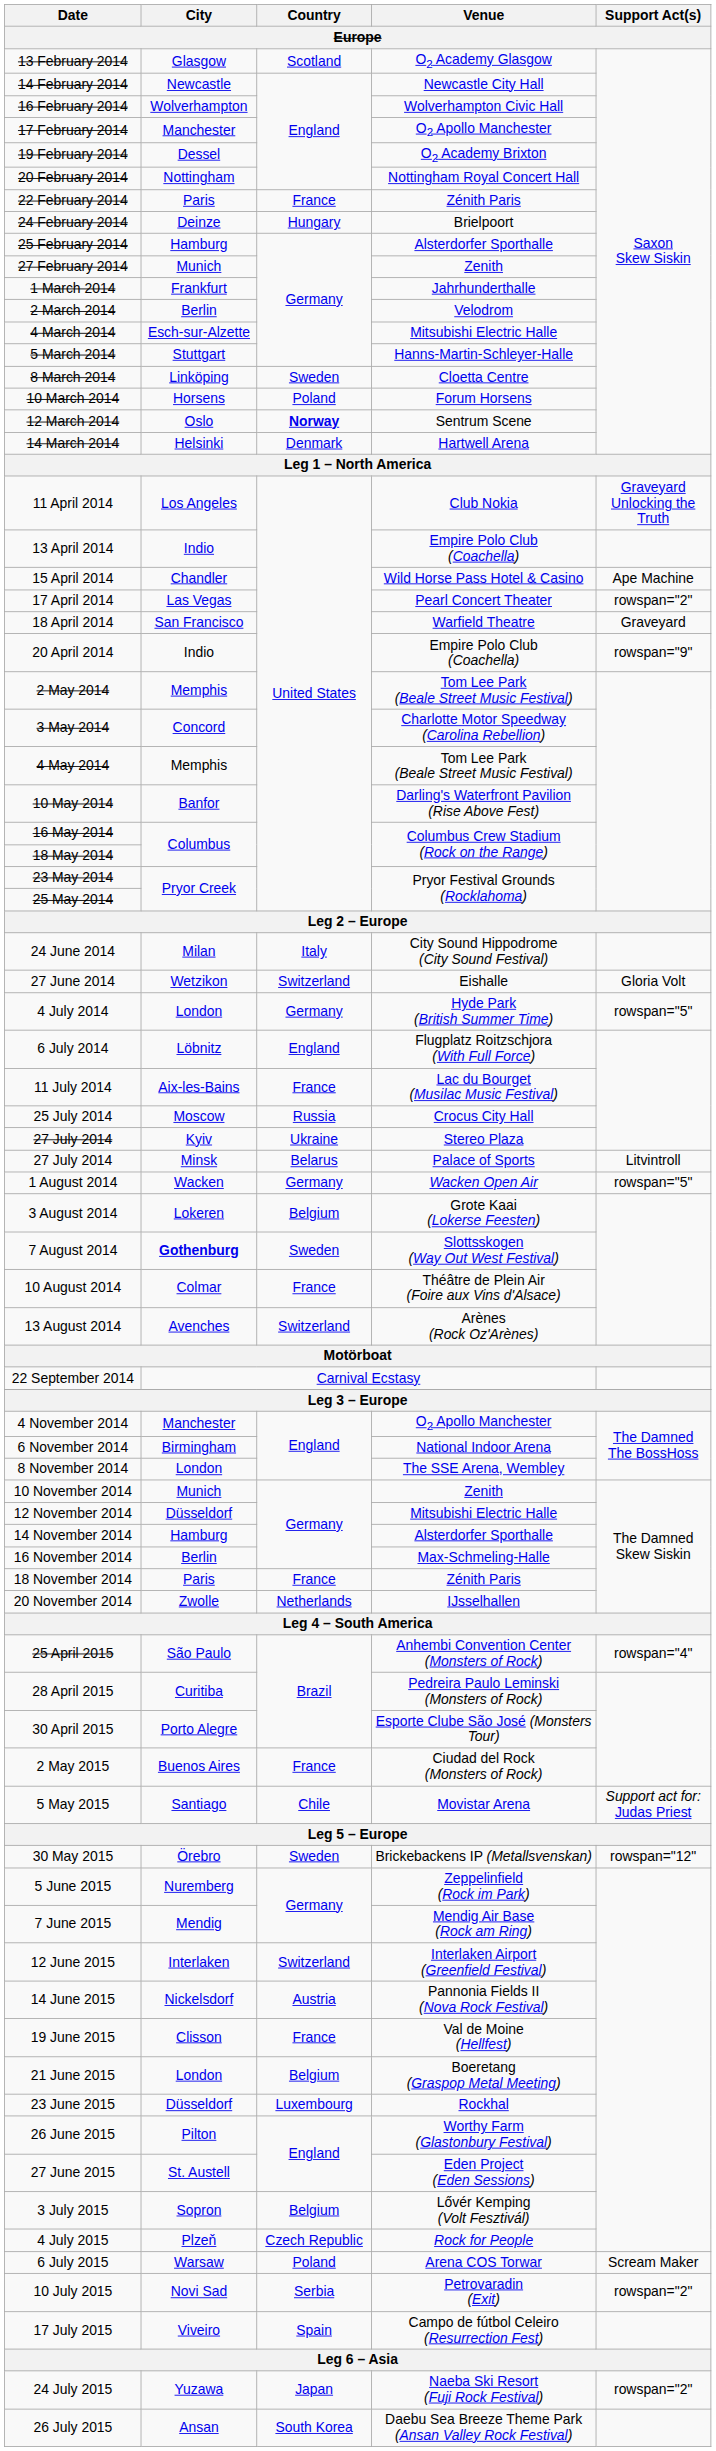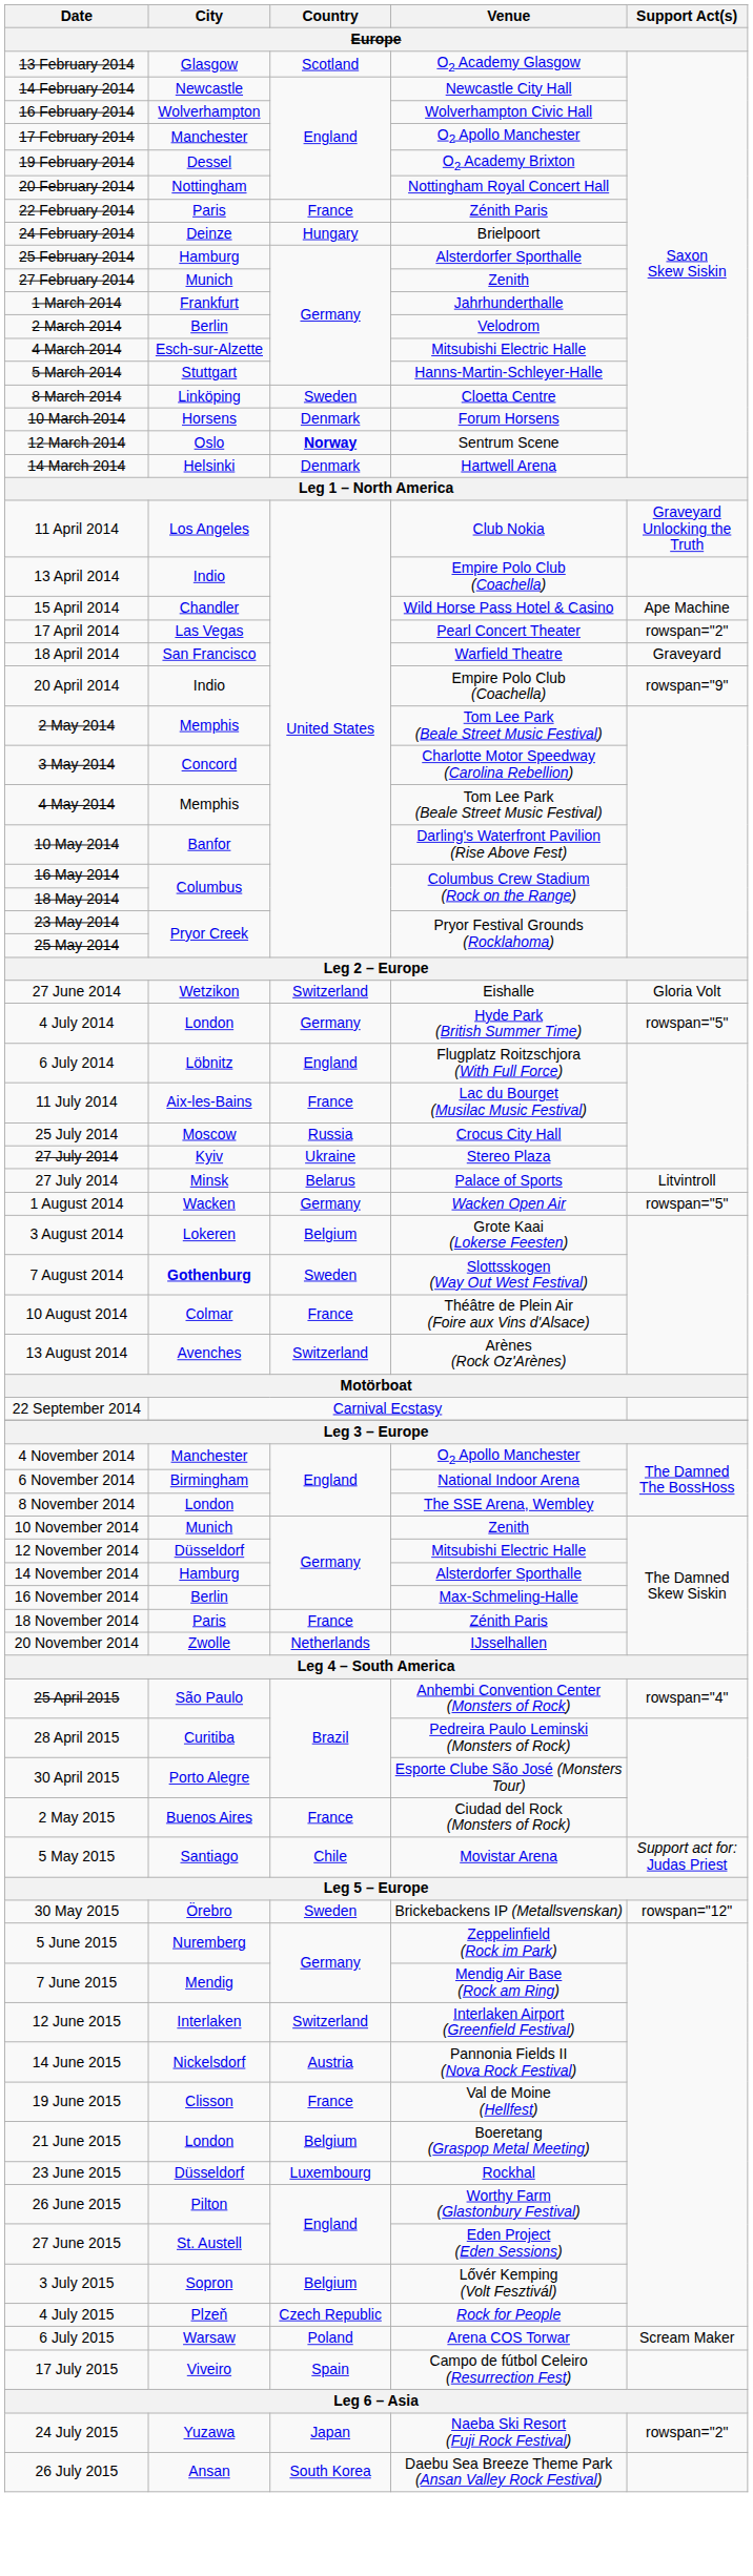 <table class="wikitable" style="text-align:center;">
 <tr>
 <th width="150">Date</th>
 <th width="125">City</th>
 <th width="125">Country</th>
 <th width="250">Venue</th>
 <th width="125">Support Act(s)</th>
 </tr>
 <tr>
 <th colspan="5"><s>Europe</s></th>
 </tr>
 <tr>
 <td><s>13 February 2014</s></td>
 <td><a href='#'>Glasgow</a></td>
 <td><a href='#'>Scotland</a></td>
 <td><a href='#'>O<sub>2</sub> Academy Glasgow</a></td>
 <td rowspan="18"><a href='#'>Saxon</a><br><a href='#'>Skew Siskin</a></td>
 </tr>
 <tr>
 <td><s>14 February 2014</s></td>
 <td><a href='#'>Newcastle</a></td>
 <td rowspan="5"><a href='#'>England</a></td>
 <td><a href='#'>Newcastle City Hall</a></td>
 </tr>
 <tr>
 <td><s>16 February 2014</s></td>
 <td><a href='#'>Wolverhampton</a></td>
 <td><a href='#'>Wolverhampton Civic Hall</a></td>
 </tr>
 <tr>
 <td><s>17 February 2014</s></td>
 <td><a href='#'>Manchester</a></td>
 <td><a href='#'>O<sub>2</sub> Apollo Manchester</a></td>
 </tr>
 <tr>
 <td><s>19 February 2014</s></td>
 <td><a href='#'>Dessel</a></td>
 <td><a href='#'>O<sub>2</sub> Academy Brixton</a></td>
 </tr>
 <tr>
 <td><s>20 February 2014</s></td>
 <td><a href='#'>Nottingham</a></td>
 <td><a href='#'>Nottingham Royal Concert Hall</a></td>
 </tr>
 <tr>
 <td><s>22 February 2014</s></td>
 <td><a href='#'>Paris</a></td>
 <td><a href='#'>France</a></td>
 <td><a href='#'>Zénith Paris</a></td>
 </tr>
 <tr>
 <td><s>24 February 2014</s></td>
 <td><a href='#'>Deinze</a></td>
 <td><a href='#'>Hungary</a></td>
 <td>Brielpoort</td>
 </tr>
 <tr>
 <td><s>25 February 2014</s></td>
 <td><a href='#'>Hamburg</a></td>
 <td rowspan="6"><a href='#'>Germany</a></td>
 <td><a href='#'>Alsterdorfer Sporthalle</a></td>
 </tr>
 <tr>
 <td><s>27 February 2014</s></td>
 <td><a href='#'>Munich</a></td>
 <td><a href='#'>Zenith</a></td>
 </tr>
 <tr>
 <td><s>1 March 2014</s></td>
 <td><a href='#'>Frankfurt</a></td>
 <td><a href='#'>Jahrhunderthalle</a></td>
 </tr>
 <tr>
 <td><s>2 March 2014</s></td>
 <td><a href='#'>Berlin</a></td>
 <td><a href='#'>Velodrom</a></td>
 </tr>
 <tr>
 <td><s>4 March 2014</s></td>
 <td><a href='#'>Esch-sur-Alzette</a></td>
 <td><a href='#'>Mitsubishi Electric Halle</a></td>
 </tr>
 <tr>
 <td><s>5 March 2014</s></td>
 <td><a href='#'>Stuttgart</a></td>
 <td><a href='#'>Hanns-Martin-Schleyer-Halle</a></td>
 </tr>
 <tr>
 <td><s>8 March 2014</s></td>
 <td><a href='#'>Linköping</a></td>
 <td><a href='#'>Sweden</a></td>
 <td><a href='#'>Cloetta Centre</a></td>
 </tr>
 <tr>
 <td><s>10 March 2014</s></td>
 <td><a href='#'>Horsens</a></td>
-<td><a href='#'>Poland</a></td>
+<td><a href='#'>Denmark</a></td>
 <td><a href='#'>Forum Horsens</a></td>
 </tr>
 <tr>
 <td><s>12 March 2014</s></td>
 <td><a href='#'>Oslo</a></td>
 <td><strong><a href='#'>Norway</a></strong></td>
 <td>Sentrum Scene</td>
 </tr>
 <tr>
 <td><s>14 March 2014</s></td>
 <td><a href='#'>Helsinki</a></td>
 <td><a href='#'>Denmark</a></td>
 <td><a href='#'>Hartwell Arena</a></td>
 </tr>
 <tr>
 <th colspan="5">Leg 1 – North America</th>
 </tr>
 <tr>
 <td>11 April 2014</td>
 <td><a href='#'>Los Angeles</a></td>
 <td rowspan="14"><a href='#'>United States</a></td>
 <td><a href='#'>Club Nokia</a></td>
 <td><a href='#'>Graveyard</a><br><a href='#'>Unlocking the Truth</a></td>
 </tr>
 <tr>
 <td>13 April 2014</td>
 <td><a href='#'>Indio</a></td>
 <td><a href='#'>Empire Polo Club</a><br><em>(<a href='#'>Coachella</a>)</em></td>
 <td></td>
 </tr>
 <tr>
 <td>15 April 2014</td>
 <td><a href='#'>Chandler</a></td>
 <td><a href='#'>Wild Horse Pass Hotel & Casino</a></td>
 <td>Ape Machine</td>
 </tr>
 <tr>
 <td>17 April 2014</td>
 <td><a href='#'>Las Vegas</a></td>
 <td><a href='#'>Pearl Concert Theater</a></td>
 <td>rowspan="2" </td>
 </tr>
 <tr>
 <td>18 April 2014</td>
 <td><a href='#'>San Francisco</a></td>
 <td><a href='#'>Warfield Theatre</a></td>
 <td>Graveyard</td>
 </tr>
 <tr>
 <td>20 April 2014</td>
 <td>Indio</td>
 <td>Empire Polo Club<br><em>(Coachella)</em></td>
 <td>rowspan="9" </td>
 </tr>
 <tr>
 <td><s>2 May 2014</s></td>
 <td><a href='#'>Memphis</a></td>
 <td><a href='#'>Tom Lee Park</a><br><em>(<a href='#'>Beale Street Music Festival</a>)</em></td>
 </tr>
 <tr>
 <td><s>3 May 2014</s></td>
 <td><a href='#'>Concord</a></td>
 <td><a href='#'>Charlotte Motor Speedway</a><br><em>(<a href='#'>Carolina Rebellion</a>)</em></td>
 </tr>
 <tr>
 <td><s>4 May 2014</s></td>
 <td>Memphis</td>
 <td>Tom Lee Park<br><em>(Beale Street Music Festival)</em></td>
 </tr>
 <tr>
 <td><s>10 May 2014</s></td>
 <td><a href='#'>Banfor</a></td>
 <td><a href='#'>Darling's Waterfront Pavilion</a><br><em>(Rise Above Fest)</em></td>
 </tr>
 <tr>
 <td><s>16 May 2014</s></td>
 <td rowspan="2"><a href='#'>Columbus</a></td>
 <td rowspan="2"><a href='#'>Columbus Crew Stadium</a><br><em>(<a href='#'>Rock on the Range</a>)</em></td>
 </tr>
 <tr>
 <td><s>18 May 2014</s></td>
 </tr>
 <tr>
 <td><s>23 May 2014</s></td>
 <td rowspan="2"><a href='#'>Pryor Creek</a></td>
 <td rowspan="2">Pryor Festival Grounds <em>(<a href='#'>Rocklahoma</a>)</em></td>
 </tr>
 <tr>
 <td><s>25 May 2014</s></td>
 </tr>
 <tr>
 <th colspan="5">Leg 2 – Europe</th>
-</tr>
-<tr>
-<td>24 June 2014</td>
-<td><a href='#'>Milan</a></td>
-<td><a href='#'>Italy</a></td>
-<td>City Sound Hippodrome<br><em>(City Sound Festival)</em></td>
-<td></td>
 </tr>
 <tr>
 <td>27 June 2014</td>
 <td><a href='#'>Wetzikon</a></td>
 <td><a href='#'>Switzerland</a></td>
 <td>Eishalle</td>
 <td>Gloria Volt</td>
 </tr>
 <tr>
 <td>4 July 2014</td>
 <td><a href='#'>London</a></td>
 <td><a href='#'>Germany</a></td>
 <td><a href='#'>Hyde Park</a><br><em>(<a href='#'>British Summer Time</a>)</em></td>
 <td>rowspan="5" </td>
 </tr>
 <tr>
 <td>6 July 2014</td>
 <td><a href='#'>Löbnitz</a></td>
 <td><a href='#'>England</a></td>
 <td>Flugplatz Roitzschjora<br><em>(<a href='#'>With Full Force</a>)</em></td>
 </tr>
 <tr>
 <td>11 July 2014</td>
 <td><a href='#'>Aix-les-Bains</a></td>
 <td><a href='#'>France</a></td>
 <td><a href='#'>Lac du Bourget</a><br><em>(<a href='#'>Musilac Music Festival</a>)</em></td>
 </tr>
 <tr>
 <td>25 July 2014</td>
 <td><a href='#'>Moscow</a></td>
 <td><a href='#'>Russia</a></td>
 <td><a href='#'>Crocus City Hall</a></td>
 </tr>
 <tr>
 <td><s>27 July 2014</s></td>
 <td><a href='#'>Kyiv</a></td>
 <td><a href='#'>Ukraine</a></td>
 <td><a href='#'>Stereo Plaza</a></td>
 </tr>
 <tr>
 <td>27 July 2014</td>
 <td><a href='#'>Minsk</a></td>
 <td><a href='#'>Belarus</a></td>
 <td><a href='#'>Palace of Sports</a></td>
 <td>Litvintroll</td>
 </tr>
 <tr>
 <td>1 August 2014</td>
 <td><a href='#'>Wacken</a></td>
 <td><a href='#'>Germany</a></td>
 <td><em><a href='#'>Wacken Open Air</a></em></td>
 <td>rowspan="5" </td>
 </tr>
 <tr>
 <td>3 August 2014</td>
 <td><a href='#'>Lokeren</a></td>
 <td><a href='#'>Belgium</a></td>
 <td>Grote Kaai<br><em>(<a href='#'>Lokerse Feesten</a>)</em></td>
 </tr>
 <tr>
 <td>7 August 2014</td>
 <td><strong><a href='#'>Gothenburg</a></strong></td>
 <td><a href='#'>Sweden</a></td>
 <td><a href='#'>Slottsskogen</a><br><em>(<a href='#'>Way Out West Festival</a>)</em></td>
 </tr>
 <tr>
 <td>10 August 2014</td>
 <td><a href='#'>Colmar</a></td>
 <td><a href='#'>France</a></td>
 <td>Théâtre de Plein Air<br><em>(Foire aux Vins d'Alsace)</em></td>
 </tr>
 <tr>
 <td>13 August 2014</td>
 <td><a href='#'>Avenches</a></td>
 <td><a href='#'>Switzerland</a></td>
 <td>Arènes<br><em>(Rock Oz'Arènes)</em></td>
 </tr>
 <tr>
 <th colspan="5">Motörboat</th>
 </tr>
 <tr>
 <td>22 September 2014</td>
 <td colspan="3"><a href='#'>Carnival Ecstasy</a></td>
 <td></td>
 </tr>
 <tr>
 </tr>
 <tr>
 <th colspan="5">Leg 3 – Europe</th>
 </tr>
 <tr>
 <td>4 November 2014</td>
 <td><a href='#'>Manchester</a></td>
 <td rowspan="3"><a href='#'>England</a></td>
 <td><a href='#'>O<sub>2</sub> Apollo Manchester</a></td>
 <td rowspan="3"><a href='#'>The Damned</a><br><a href='#'>The BossHoss</a></td>
 </tr>
 <tr>
 <td>6 November 2014</td>
 <td><a href='#'>Birmingham</a></td>
 <td><a href='#'>National Indoor Arena</a></td>
 </tr>
 <tr>
 <td>8 November 2014</td>
 <td><a href='#'>London</a></td>
 <td><a href='#'>The SSE Arena, Wembley</a></td>
 </tr>
 <tr>
 <td>10 November 2014</td>
 <td><a href='#'>Munich</a></td>
 <td rowspan="4"><a href='#'>Germany</a></td>
 <td><a href='#'>Zenith</a></td>
 <td rowspan="6">The Damned<br>Skew Siskin</td>
 </tr>
 <tr>
 <td>12 November 2014</td>
 <td><a href='#'>Düsseldorf</a></td>
 <td><a href='#'>Mitsubishi Electric Halle</a></td>
 </tr>
 <tr>
 <td>14 November 2014</td>
 <td><a href='#'>Hamburg</a></td>
 <td><a href='#'>Alsterdorfer Sporthalle</a></td>
 </tr>
 <tr>
 <td>16 November 2014</td>
 <td><a href='#'>Berlin</a></td>
 <td><a href='#'>Max-Schmeling-Halle</a></td>
 </tr>
 <tr>
 <td>18 November 2014</td>
 <td><a href='#'>Paris</a></td>
 <td><a href='#'>France</a></td>
 <td><a href='#'>Zénith Paris</a></td>
 </tr>
 <tr>
 <td>20 November 2014</td>
 <td><a href='#'>Zwolle</a></td>
 <td><a href='#'>Netherlands</a></td>
 <td><a href='#'>IJsselhallen</a></td>
 </tr>
 <tr>
 <th colspan="5">Leg 4 – South America</th>
 </tr>
 <tr>
 <td><s>25 April 2015</s></td>
 <td><a href='#'>São Paulo</a></td>
 <td rowspan="3"><a href='#'>Brazil</a></td>
 <td><a href='#'>Anhembi Convention Center</a><br><em>(<a href='#'>Monsters of Rock</a>)</em></td>
 <td>rowspan="4" </td>
 </tr>
 <tr>
 <td>28 April 2015</td>
 <td><a href='#'>Curitiba</a></td>
 <td><a href='#'>Pedreira Paulo Leminski</a><br><em>(Monsters of Rock)</em></td>
 </tr>
 <tr>
 <td>30 April 2015</td>
 <td><a href='#'>Porto Alegre</a></td>
 <td><a href='#'>Esporte Clube São José</a> <em>(Monsters Tour)</em></td>
 </tr>
 <tr>
 <td>2 May 2015</td>
 <td><a href='#'>Buenos Aires</a></td>
 <td><a href='#'>France</a></td>
 <td>Ciudad del Rock<br><em>(Monsters of Rock)</em></td>
 </tr>
 <tr>
 <td>5 May 2015</td>
 <td><a href='#'>Santiago</a></td>
 <td><a href='#'>Chile</a></td>
 <td><a href='#'>Movistar Arena</a></td>
 <td><em>Support act for:</em><br><a href='#'>Judas Priest</a></td>
 </tr>
 <tr>
 <th colspan="5">Leg 5 – Europe</th>
 </tr>
 <tr>
 <td>30 May 2015</td>
 <td><a href='#'>Örebro</a></td>
 <td><a href='#'>Sweden</a></td>
 <td>Brickebackens IP <em>(Metallsvenskan)</em></td>
 <td>rowspan="12" </td>
 </tr>
 <tr>
 <td>5 June 2015</td>
 <td><a href='#'>Nuremberg</a></td>
 <td rowspan="2"><a href='#'>Germany</a></td>
 <td><a href='#'>Zeppelinfield</a><br><em>(<a href='#'>Rock im Park</a>)</em></td>
 </tr>
 <tr>
 <td>7 June 2015</td>
 <td><a href='#'>Mendig</a></td>
 <td><a href='#'>Mendig Air Base</a><br><em>(<a href='#'>Rock am Ring</a>)</em></td>
 </tr>
 <tr>
 <td>12 June 2015</td>
 <td><a href='#'>Interlaken</a></td>
 <td><a href='#'>Switzerland</a></td>
 <td><a href='#'>Interlaken Airport</a><br><em>(<a href='#'>Greenfield Festival</a>)</em></td>
 </tr>
 <tr>
 <td>14 June 2015</td>
 <td><a href='#'>Nickelsdorf</a></td>
 <td><a href='#'>Austria</a></td>
 <td>Pannonia Fields II<br><em>(<a href='#'>Nova Rock Festival</a>)</em></td>
 </tr>
 <tr>
 <td>19 June 2015</td>
 <td><a href='#'>Clisson</a></td>
 <td><a href='#'>France</a></td>
 <td>Val de Moine<br><em>(<a href='#'>Hellfest</a>)</em></td>
 </tr>
 <tr>
 <td>21 June 2015</td>
 <td><a href='#'>London</a></td>
 <td><a href='#'>Belgium</a></td>
 <td>Boeretang<br><em>(<a href='#'>Graspop Metal Meeting</a>)</em></td>
 </tr>
 <tr>
 <td>23 June 2015</td>
 <td><a href='#'>Düsseldorf</a></td>
 <td><a href='#'>Luxembourg</a></td>
 <td><a href='#'>Rockhal</a></td>
 </tr>
 <tr>
 <td>26 June 2015</td>
 <td><a href='#'>Pilton</a></td>
 <td rowspan="2"><a href='#'>England</a></td>
 <td><a href='#'>Worthy Farm</a><br><em>(<a href='#'>Glastonbury Festival</a>)</em></td>
 </tr>
 <tr>
 <td>27 June 2015</td>
 <td><a href='#'>St. Austell</a></td>
 <td><a href='#'>Eden Project</a><br><em>(<a href='#'>Eden Sessions</a>)</em></td>
 </tr>
 <tr>
 <td>3 July 2015</td>
 <td><a href='#'>Sopron</a></td>
 <td><a href='#'>Belgium</a></td>
 <td>Lővér Kemping<br><em>(Volt Fesztivál)</em></td>
 </tr>
 <tr>
 <td>4 July 2015</td>
 <td><a href='#'>Plzeň</a></td>
 <td><a href='#'>Czech Republic</a></td>
 <td><em><a href='#'>Rock for People</a></em></td>
 </tr>
 <tr>
 <td>6 July 2015</td>
 <td><a href='#'>Warsaw</a></td>
 <td><a href='#'>Poland</a></td>
 <td><a href='#'>Arena COS Torwar</a></td>
 <td>Scream Maker</td>
 </tr>
 <tr>
-<td>10 July 2015</td>
-<td><a href='#'>Novi Sad</a></td>
-<td><a href='#'>Serbia</a></td>
-<td><a href='#'>Petrovaradin</a><br><em>(<a href='#'>Exit</a>)</em></td>
-<td>rowspan="2" </td>
-</tr>
-<tr>
 <td>17 July 2015</td>
 <td><a href='#'>Viveiro</a></td>
 <td><a href='#'>Spain</a></td>
 <td>Campo de fútbol Celeiro<br><em>(<a href='#'>Resurrection Fest</a>)</em></td>
 </tr>
 <tr>
 <th colspan="5">Leg 6 – Asia</th>
 </tr>
 <tr>
 <td>24 July 2015</td>
 <td><a href='#'>Yuzawa</a></td>
 <td><a href='#'>Japan</a></td>
 <td><a href='#'>Naeba Ski Resort</a><br><em>(<a href='#'>Fuji Rock Festival</a>)</em></td>
 <td>rowspan="2" </td>
 </tr>
 <tr>
 <td>26 July 2015</td>
 <td><a href='#'>Ansan</a></td>
 <td><a href='#'>South Korea</a></td>
 <td>Daebu Sea Breeze Theme Park<br><em>(<a href='#'>Ansan Valley Rock Festival</a>)</em></td>
 </tr>
 </table>
